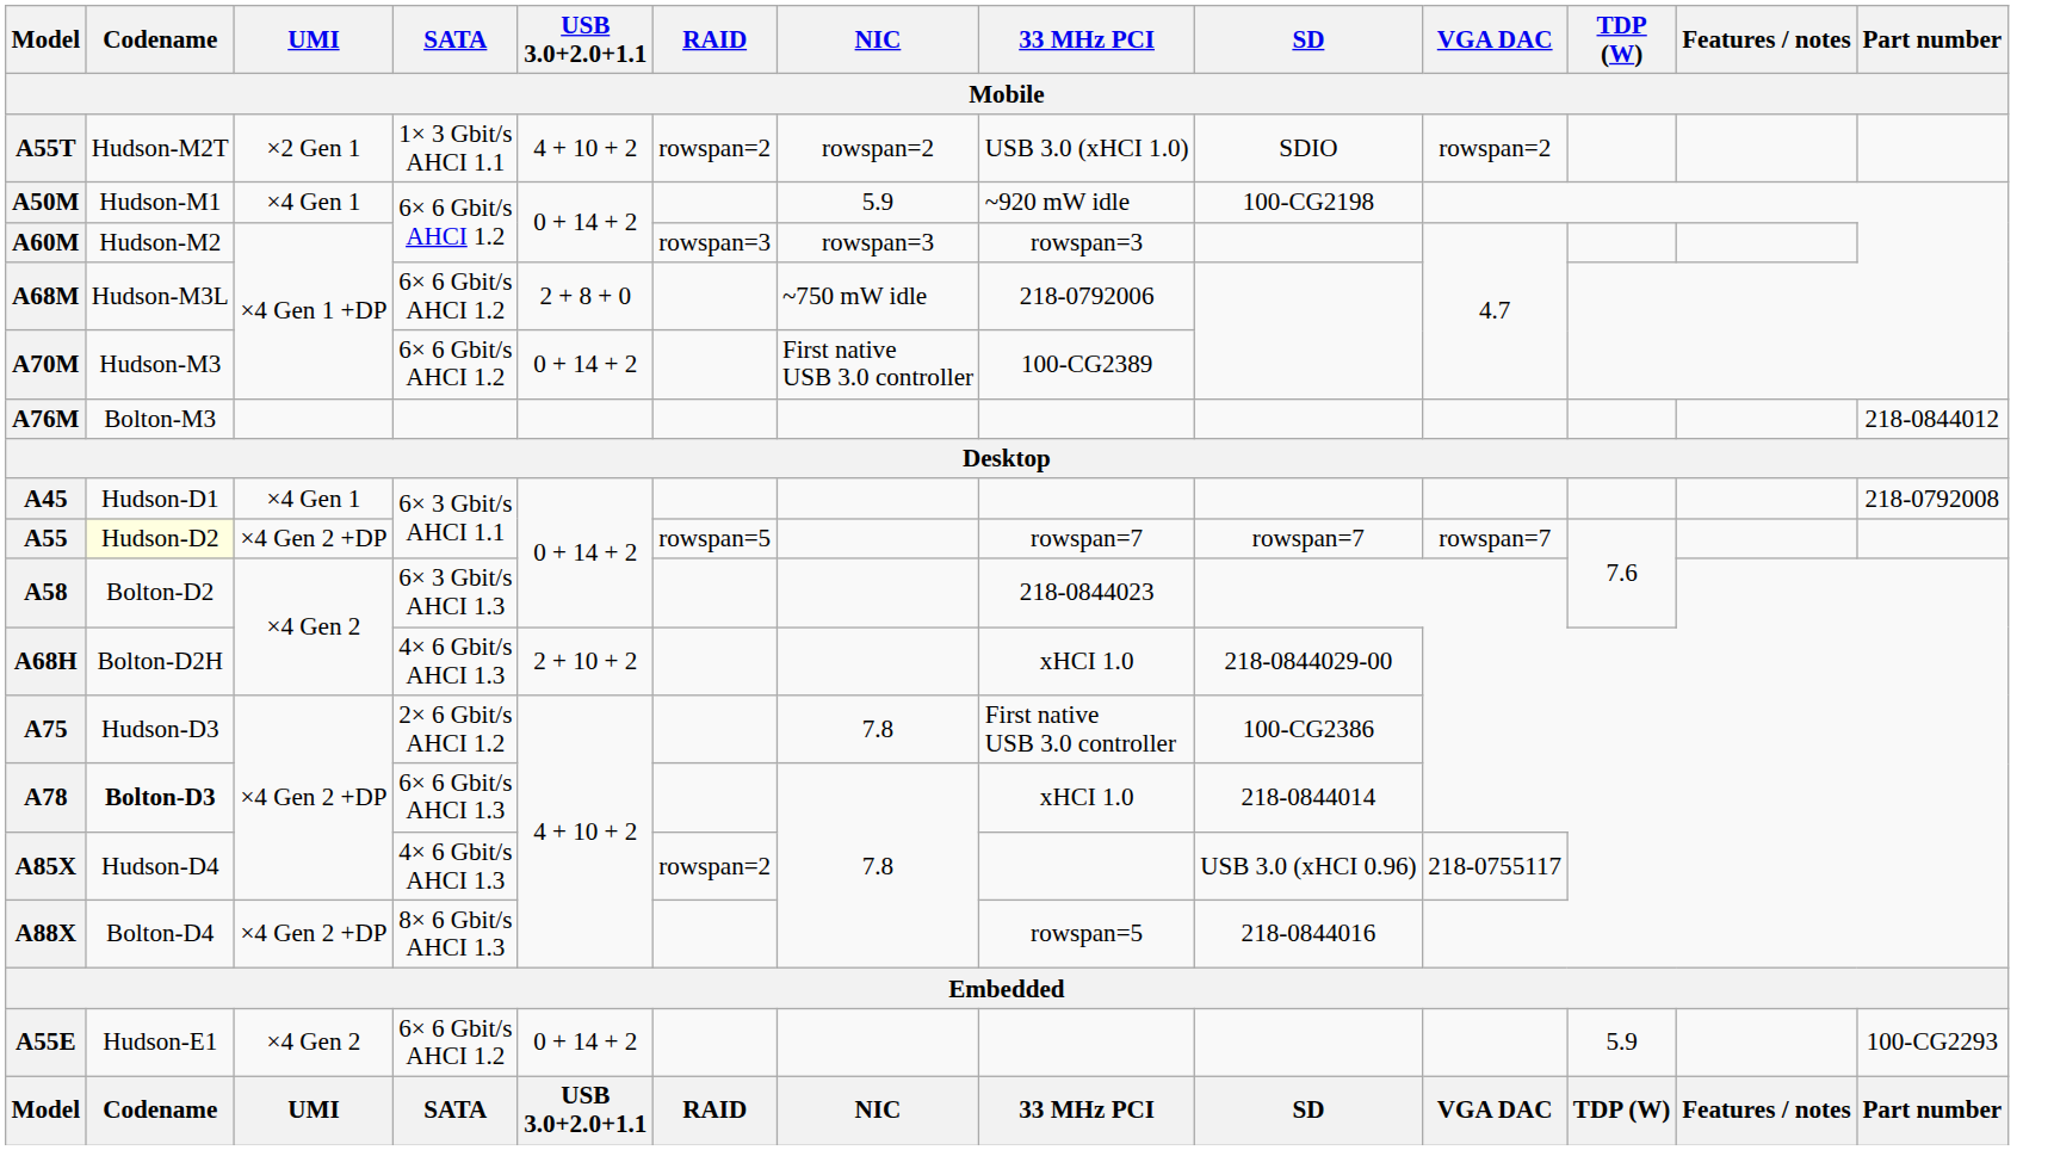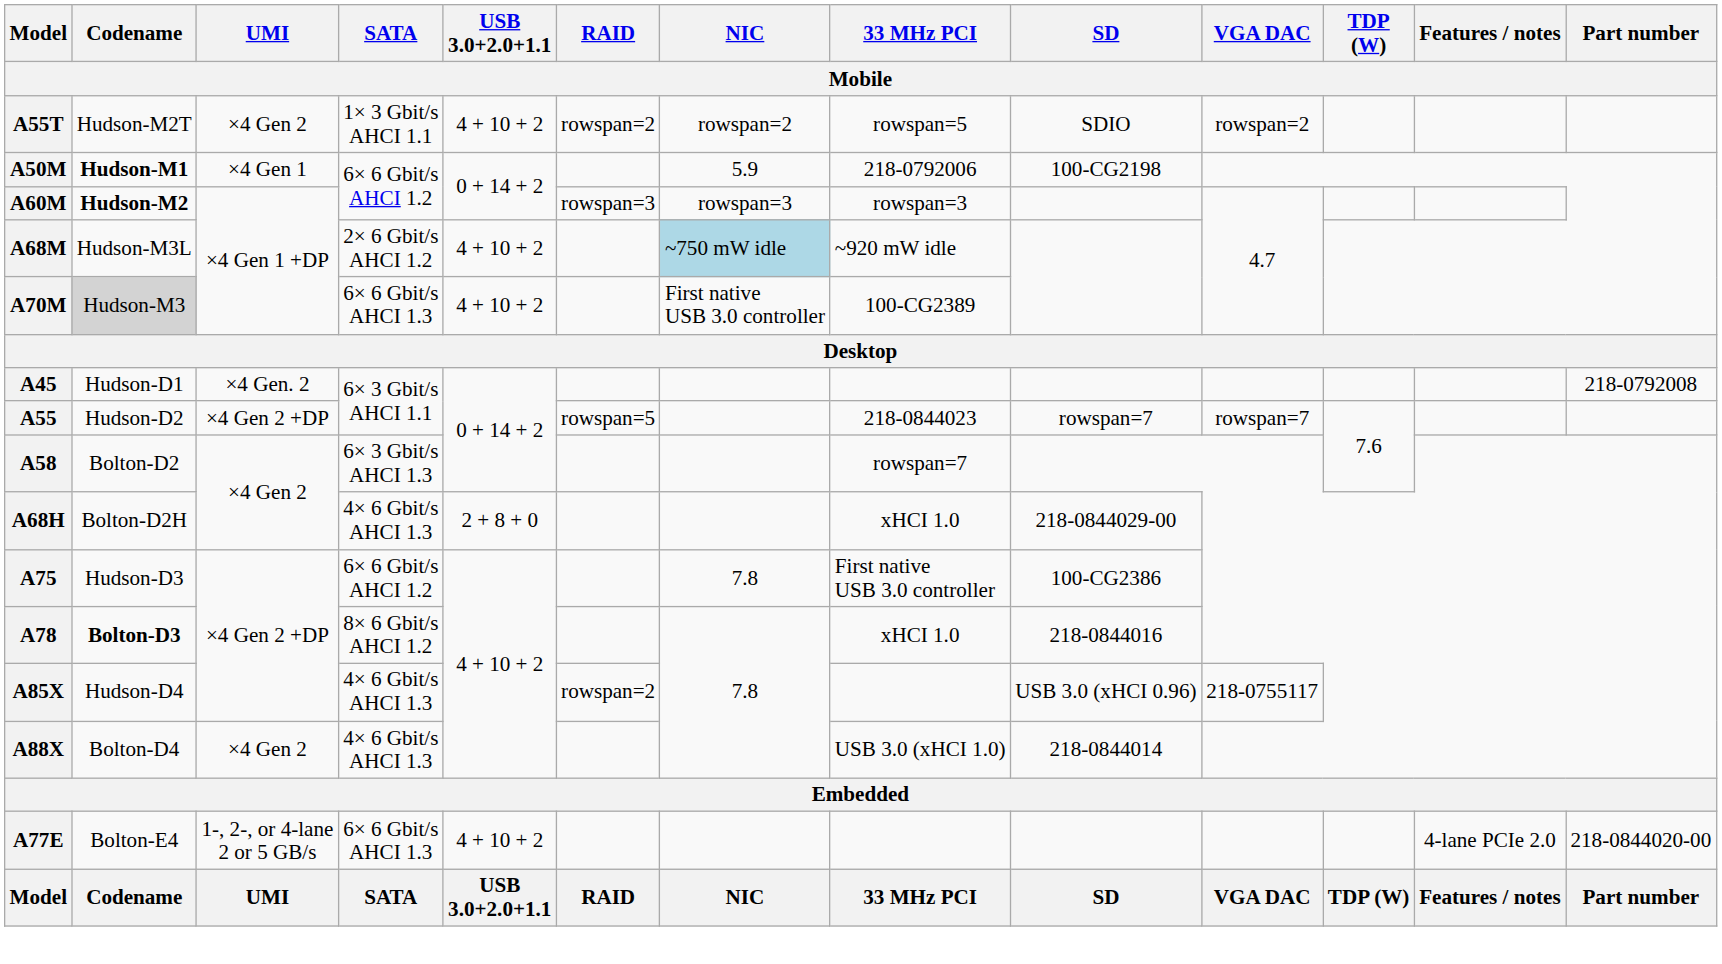 <table class="wikitable" style="text-align: center">
 <tr>
 <th>Model</th>
 <th>Codename</th>
 <th><a href='#'>UMI</a></th>
 <th><a href='#'>SATA</a></th>
 <th><a href='#'>USB</a><br>3.0+2.0+1.1</th>
 <th><a href='#'>RAID</a></th>
 <th><a href='#'>NIC</a></th>
 <th><a href='#'>33 MHz PCI</a></th>
 <th><a href='#'>SD</a></th>
 <th><a href='#'>VGA DAC</a></th>
 <th><a href='#'>TDP</a><br>(<a href='#'>W</a>)</th>
 <th>Features / notes</th>
 <th>Part number</th>
 </tr>
 <tr>
 <th colspan="13">Mobile</th>
 </tr>
 <tr>
 <th>A55T</th>
 <td>Hudson-M2T</td>
-<td>×2 Gen 1</td>
+<td>×4 Gen 2</td>
 <td>1× 3 Gbit/s<br> AHCI 1.1</td>
 <td>4 + 10 + 2</td>
 <td>rowspan=2 </td>
 <td>rowspan=2 </td>
-<td>USB 3.0 (xHCI 1.0)</td>
+<td>rowspan=5 </td>
 <td>SDIO</td>
 <td>rowspan=2 </td>
 <td></td>
 <td></td>
 <td></td>
 </tr>
 <tr>
 <th>A50M</th>
-<td>Hudson-M1</td>
+<td><strong>Hudson-M1</strong></td>
 <td>×4 Gen 1</td>
 <td rowspan=2>6× 6 Gbit/s<br><a href='#'>AHCI</a> 1.2</td>
 <td rowspan=2>0 + 14 + 2</td>
 <td></td>
 <td>5.9</td>
-<td align="left">~920 mW idle</td>
+<td>218-0792006</td>
 <td>100-CG2198</td>
 </tr>
 <tr>
 <th>A60M</th>
-<td>Hudson-M2</td>
+<td><strong>Hudson-M2</strong></td>
 <td rowspan=3>×4 Gen 1 +DP</td>
 <td>rowspan=3 </td>
 <td>rowspan=3 </td>
 <td>rowspan=3 </td>
 <td></td>
 <td rowspan=3>4.7</td>
 <td></td>
 <td></td>
 </tr>
 <tr>
 <th>A68M</th>
 <td>Hudson-M3L</td>
-<td>6× 6 Gbit/s<br>AHCI 1.2</td>
-<td>2 + 8 + 0</td>
+<td>2× 6 Gbit/s<br>AHCI 1.2</td>
+<td>4 + 10 + 2</td>
 <td></td>
-<td align="left">~750 mW idle</td>
-<td>218-0792006</td>
+<td align="left" style="background: lightblue;">~750 mW idle</td>
+<td align="left">~920 mW idle</td>
 </tr>
 <tr>
 <th>A70M</th>
-<td>Hudson-M3</td>
-<td>6× 6 Gbit/s<br>AHCI 1.2</td>
-<td>0 + 14 + 2</td>
+<td style="background: lightgrey;">Hudson-M3</td>
+<td>6× 6 Gbit/s<br>AHCI 1.3</td>
+<td>4 + 10 + 2</td>
 <td></td>
 <td align="left">First native<br>USB 3.0 controller</td>
 <td>100-CG2389</td>
-</tr>
-<tr>
-<th>A76M</th>
-<td>Bolton-M3</td>
-<td></td>
-<td></td>
-<td></td>
-<td></td>
-<td></td>
-<td></td>
-<td></td>
-<td></td>
-<td></td>
-<td></td>
-<td>218-0844012</td>
 </tr>
 <tr>
 <th colspan=13>Desktop</th>
 </tr>
 <tr>
 <th>A45</th>
 <td>Hudson-D1</td>
-<td>×4 Gen 1</td>
+<td>×4 Gen. 2</td>
 <td rowspan=2>6× 3 Gbit/s<br> AHCI 1.1</td>
 <td rowspan="3">0 + 14 + 2</td>
 <td></td>
 <td></td>
 <td></td>
 <td></td>
 <td></td>
 <td></td>
 <td></td>
 <td>218-0792008</td>
 </tr>
 <tr>
 <th>A55</th>
-<td style="background: lightyellow;">Hudson-D2</td>
+<td>Hudson-D2</td>
 <td>×4 Gen 2 +DP</td>
 <td>rowspan=5 </td>
 <td></td>
-<td>rowspan=7 </td>
+<td>218-0844023</td>
 <td>rowspan=7 </td>
 <td>rowspan=7 </td>
 <td rowspan="2">7.6</td>
 <td></td>
 <td></td>
 </tr>
 <tr>
 <th>A58</th>
 <td>Bolton-D2</td>
 <td rowspan=2>×4 Gen 2</td>
 <td>6× 3 Gbit/s<br>AHCI 1.3</td>
 <td></td>
 <td></td>
-<td>218-0844023</td>
+<td>rowspan=7 </td>
 </tr>
 <tr>
 <th>A68H</th>
 <td>Bolton-D2H</td>
 <td>4× 6 Gbit/s<br>AHCI 1.3</td>
-<td>2 + 10 + 2</td>
+<td>2 + 8 + 0</td>
 <td></td>
 <td></td>
 <td>xHCI 1.0</td>
 <td>218-0844029-00</td>
 </tr>
 <tr>
 <th>A75</th>
 <td>Hudson-D3</td>
 <td rowspan=3>×4 Gen 2 +DP</td>
-<td>2× 6 Gbit/s<br>AHCI 1.2</td>
+<td>6× 6 Gbit/s<br>AHCI 1.2</td>
 <td rowspan=4>4 + 10 + 2</td>
 <td></td>
 <td>7.8</td>
 <td align="left">First native<br>USB 3.0 controller</td>
 <td>100-CG2386</td>
 </tr>
 <tr>
 <th>A78</th>
 <td><strong>Bolton-D3</strong></td>
-<td>6× 6 Gbit/s<br>AHCI 1.3</td>
+<td>8× 6 Gbit/s<br>AHCI 1.2</td>
 <td></td>
 <td rowspan="3">7.8</td>
 <td>xHCI 1.0</td>
-<td>218-0844014</td>
+<td>218-0844016</td>
 </tr>
 <tr>
 <th>A85X</th>
 <td>Hudson-D4</td>
 <td>4× 6 Gbit/s<br>AHCI 1.3</td>
 <td>rowspan=2 </td>
 <td></td>
 <td>USB 3.0 (xHCI 0.96)</td>
 <td>218-0755117</td>
 </tr>
 <tr>
 <th>A88X</th>
 <td>Bolton-D4</td>
-<td>×4 Gen 2 +DP</td>
-<td>8× 6 Gbit/s<br>AHCI 1.3</td>
+<td>×4 Gen 2</td>
+<td>4× 6 Gbit/s<br>AHCI 1.3</td>
 <td></td>
-<td>rowspan=5 </td>
-<td>218-0844016</td>
+<td>USB 3.0 (xHCI 1.0)</td>
+<td>218-0844014</td>
 </tr>
 <tr>
 <th colspan=13>Embedded</th>
 </tr>
 <tr>
-<th>A55E</th>
-<td>Hudson-E1</td>
-<td>×4 Gen 2</td>
-<td>6× 6 Gbit/s<br>AHCI 1.2</td>
-<td>0 + 14 + 2</td>
+<th>A77E</th>
+<td>Bolton-E4</td>
+<td>1-, 2-, or 4-lane<br>2 or 5 GB/s</td>
+<td>6× 6 Gbit/s<br>AHCI 1.3</td>
+<td>4 + 10 + 2</td>
 <td></td>
 <td></td>
 <td></td>
 <td></td>
 <td></td>
-<td>5.9</td>
 <td></td>
-<td>100-CG2293</td>
+<td>4-lane PCIe 2.0</td>
+<td>218-0844020-00</td>
 </tr>
 <tr>
 <th>Model</th>
 <th>Codename</th>
 <th>UMI</th>
 <th>SATA</th>
 <th>USB<br>3.0+2.0+1.1</th>
 <th>RAID</th>
 <th>NIC</th>
 <th>33 MHz PCI</th>
 <th>SD</th>
 <th>VGA DAC</th>
 <th>TDP (W)</th>
 <th>Features / notes</th>
 <th>Part number</th>
 </tr>
 </table>
